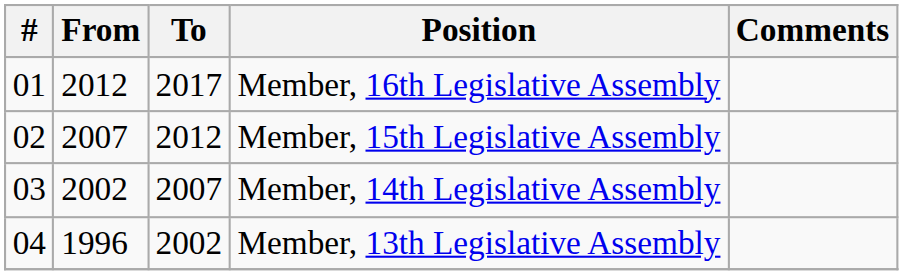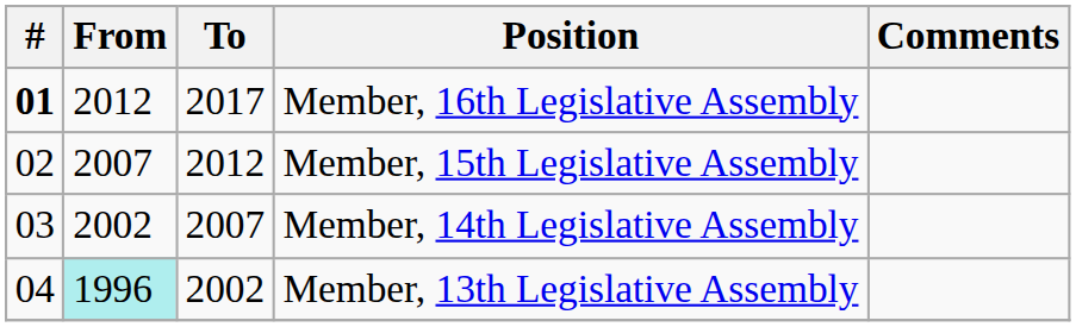 <table class="wikitable sortable">
 <tr>
 <th>#</th>
 <th>From</th>
 <th>To</th>
 <th>Position</th>
 <th>Comments</th>
 </tr>
 <tr>
-<td>01</td>
+<td><strong>01</strong></td>
 <td>2012</td>
 <td>2017</td>
 <td>Member, <a href='#'>16th Legislative Assembly</a></td>
 <td></td>
 </tr>
 <tr>
 <td>02</td>
 <td>2007</td>
 <td>2012</td>
 <td>Member, <a href='#'>15th Legislative Assembly</a></td>
 <td></td>
 </tr>
 <tr>
 <td>03</td>
 <td>2002</td>
 <td>2007</td>
 <td>Member, <a href='#'>14th Legislative Assembly</a></td>
 <td></td>
 </tr>
 <tr>
 <td>04</td>
-<td>1996</td>
+<td style="background: paleturquoise;">1996</td>
 <td>2002</td>
 <td>Member, <a href='#'>13th Legislative Assembly</a></td>
 <td></td>
 </tr>
 <tr>
 </tr>
 </table>
